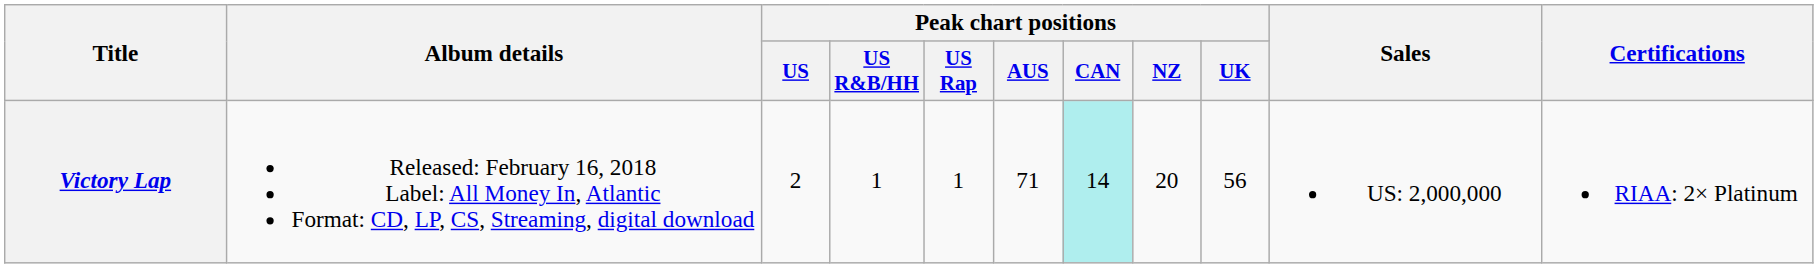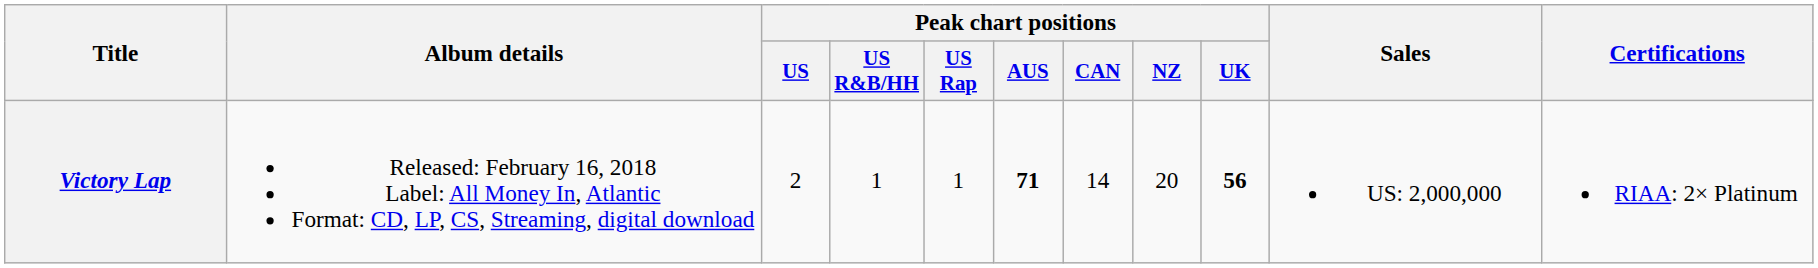 <table class="wikitable plainrowheaders" style="text-align:center;">
 <tr>
 <th scope="col" rowspan="2" style="width:10em;">Title</th>
 <th scope="col" rowspan="2" style="width:25em;">Album details</th>
 <th scope="col" colspan="7">Peak chart positions</th>
 <th scope="col" rowspan="2" style="width:12em;">Sales</th>
 <th scope="col" rowspan="2" style="width:12em;"><a href='#'>Certifications</a></th>
 </tr>
 <tr>
 <th scope="col" style="width:3em;font-size:90%;"><a href='#'>US</a><br></th>
 <th scope="col" style="width:3em;font-size:90%;"><a href='#'>US R&B/HH</a><br></th>
 <th scope="col" style="width:3em;font-size:90%;"><a href='#'>US Rap</a><br></th>
 <th scope="col" style="width:3em;font-size:90%;"><a href='#'>AUS</a><br></th>
 <th scope="col" style="width:3em;font-size:90%;"><a href='#'>CAN</a><br></th>
 <th scope="col" style="width:3em;font-size:90%;"><a href='#'>NZ</a><br></th>
 <th scope="col" style="width:3em;font-size:90%;"><a href='#'>UK</a><br></th>
 </tr>
 <tr>
 <th scope="row"><em><a href='#'>Victory Lap</a></em></th>
 <td><br><ul><li>Released: February 16, 2018</li><li>Label: <a href='#'>All Money In</a>, <a href='#'>Atlantic</a></li><li>Format: <a href='#'>CD</a>, <a href='#'>LP</a>, <a href='#'>CS</a>, <a href='#'>Streaming</a>, <a href='#'>digital download</a></li></ul></td>
 <td>2</td>
 <td>1</td>
 <td>1</td>
-<td>71</td>
-<td style="background: paleturquoise;">14</td>
+<td><strong>71</strong></td>
+<td>14</td>
 <td>20</td>
-<td>56</td>
+<td><strong>56</strong></td>
 <td><br><ul><li>US: 2,000,000</li></ul></td>
 <td><br><ul><li><a href='#'>RIAA</a>: 2× Platinum</li></ul></td>
 </tr>
 </table>
